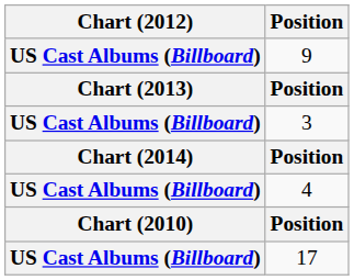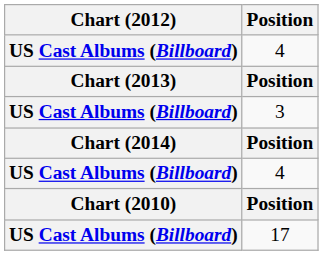 <table class="wikitable sortable plainrowheaders" style="text-align:center">
 <tr>
 <th scope="col">Chart (2012)</th>
 <th scope="col">Position</th>
 </tr>
 <tr>
 <th scope="row">US <a href='#'>Cast Albums</a> (<em><a href='#'>Billboard</a></em>)</th>
-<td>9</td>
+<td>4</td>
 </tr>
 <tr>
 <th scope="col">Chart (2013)</th>
 <th scope="col">Position</th>
 </tr>
 <tr>
 <th scope="row">US <a href='#'>Cast Albums</a> (<em><a href='#'>Billboard</a></em>)</th>
 <td>3</td>
 </tr>
 <tr>
 <th scope="col">Chart (2014)</th>
 <th scope="col">Position</th>
 </tr>
 <tr>
 <th scope="row">US <a href='#'>Cast Albums</a> (<em><a href='#'>Billboard</a></em>)</th>
 <td>4</td>
 </tr>
 <tr>
 <th scope="col">Chart (2010)</th>
 <th scope="col">Position</th>
 </tr>
 <tr>
 <th scope="row">US <a href='#'>Cast Albums</a> (<em><a href='#'>Billboard</a></em>)</th>
 <td>17</td>
 </tr>
 </table>
